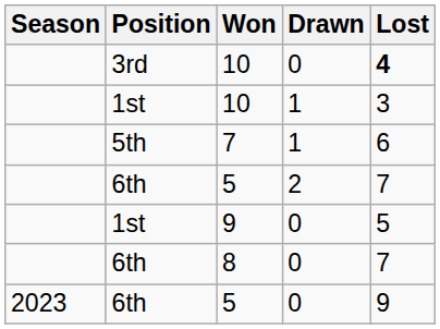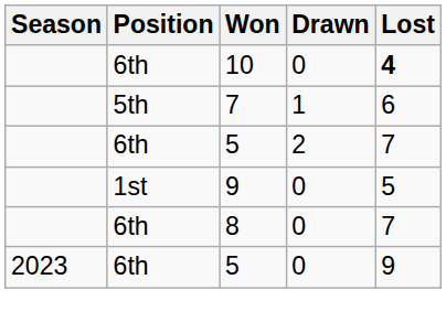 <table class="wikitable">
 <tr>
 <th>Season</th>
 <th>Position</th>
 <th>Won</th>
 <th>Drawn</th>
 <th>Lost</th>
 </tr>
 <tr style="background-color:#">
 <td></td>
-<td>3rd</td>
+<td>6th</td>
 <td>10</td>
 <td>0</td>
 <td><strong>4</strong></td>
-</tr>
-<tr style="background-color:#">
-<td></td>
-<td>1st</td>
-<td>10</td>
-<td>1</td>
-<td>3</td>
 </tr>
 <tr>
 <td></td>
 <td>5th</td>
 <td>7</td>
 <td>1</td>
 <td>6</td>
 </tr>
 <tr>
 <td></td>
 <td>6th</td>
 <td>5</td>
 <td>2</td>
 <td>7</td>
 </tr>
 <tr style="background-color:#">
 <td></td>
 <td>1st</td>
 <td>9</td>
 <td>0</td>
 <td>5</td>
 </tr>
 <tr>
 <td></td>
 <td>6th</td>
 <td>8</td>
 <td>0</td>
 <td>7</td>
 </tr>
 <tr>
 <td>2023</td>
 <td>6th</td>
 <td>5</td>
 <td>0</td>
 <td>9</td>
 </tr>
 </table>
